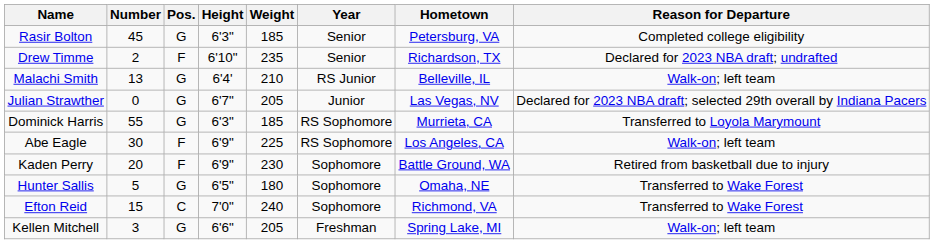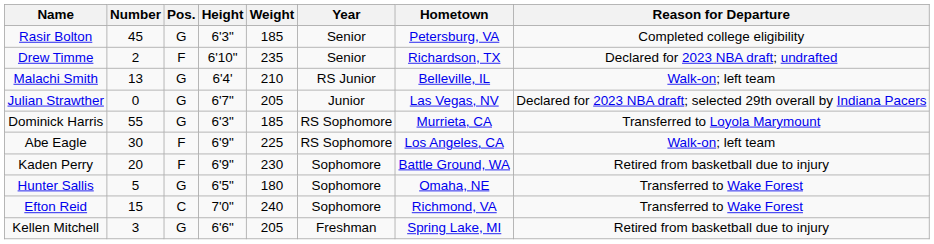 <table class="wikitable sortable" style="text-align: center">
 <tr align=center>
 <th>Name</th>
 <th>Number</th>
 <th>Pos.</th>
 <th>Height</th>
 <th>Weight</th>
 <th>Year</th>
 <th>Hometown</th>
 <th>Reason for Departure</th>
 </tr>
 <tr>
 <td><a href='#'>Rasir Bolton</a></td>
 <td>45</td>
 <td>G</td>
 <td>6'3"</td>
 <td>185</td>
 <td>Senior</td>
 <td><a href='#'>Petersburg, VA</a></td>
 <td>Completed college eligibility</td>
 </tr>
 <tr>
 <td><a href='#'>Drew Timme</a></td>
 <td>2</td>
 <td>F</td>
 <td>6'10"</td>
 <td>235</td>
 <td>Senior</td>
 <td><a href='#'>Richardson, TX</a></td>
 <td>Declared for <a href='#'>2023 NBA draft</a>; <a href='#'>undrafted</a></td>
 </tr>
 <tr>
 <td><a href='#'>Malachi Smith</a></td>
 <td>13</td>
 <td>G</td>
 <td>6'4'</td>
 <td>210</td>
 <td>RS Junior</td>
 <td><a href='#'>Belleville, IL</a></td>
 <td><a href='#'>Walk-on</a>; left team</td>
 </tr>
 <tr>
 <td><a href='#'>Julian Strawther</a></td>
 <td>0</td>
 <td>G</td>
 <td>6'7"</td>
 <td>205</td>
 <td>Junior</td>
 <td><a href='#'>Las Vegas, NV</a></td>
 <td>Declared for <a href='#'>2023 NBA draft</a>; selected 29th overall by <a href='#'>Indiana Pacers</a></td>
 </tr>
 <tr>
 <td>Dominick Harris</td>
 <td>55</td>
 <td>G</td>
 <td>6'3"</td>
 <td>185</td>
 <td>RS Sophomore</td>
 <td><a href='#'>Murrieta, CA</a></td>
 <td>Transferred to <a href='#'>Loyola Marymount</a></td>
 </tr>
 <tr>
 <td>Abe Eagle</td>
 <td>30</td>
 <td>F</td>
 <td>6'9"</td>
 <td>225</td>
 <td>RS Sophomore</td>
 <td><a href='#'>Los Angeles, CA</a></td>
 <td><a href='#'>Walk-on</a>; left team</td>
 </tr>
 <tr>
 <td>Kaden Perry</td>
 <td>20</td>
 <td>F</td>
 <td>6'9"</td>
 <td>230</td>
 <td>Sophomore</td>
 <td><a href='#'>Battle Ground, WA</a></td>
 <td>Retired from basketball due to injury</td>
 </tr>
 <tr>
 <td><a href='#'>Hunter Sallis</a></td>
 <td>5</td>
 <td>G</td>
 <td>6'5"</td>
 <td>180</td>
 <td>Sophomore</td>
 <td><a href='#'>Omaha, NE</a></td>
 <td>Transferred to <a href='#'>Wake Forest</a></td>
 </tr>
 <tr>
 <td><a href='#'>Efton Reid</a></td>
 <td>15</td>
 <td>C</td>
 <td>7'0"</td>
 <td>240</td>
 <td>Sophomore</td>
 <td><a href='#'>Richmond, VA</a></td>
 <td>Transferred to <a href='#'>Wake Forest</a></td>
 </tr>
 <tr>
 <td>Kellen Mitchell</td>
 <td>3</td>
 <td>G</td>
 <td>6'6"</td>
 <td>205</td>
 <td>Freshman</td>
 <td><a href='#'>Spring Lake, MI</a></td>
-<td><a href='#'>Walk-on</a>; left team</td>
+<td>Retired from basketball due to injury</td>
 </tr>
 </table>
